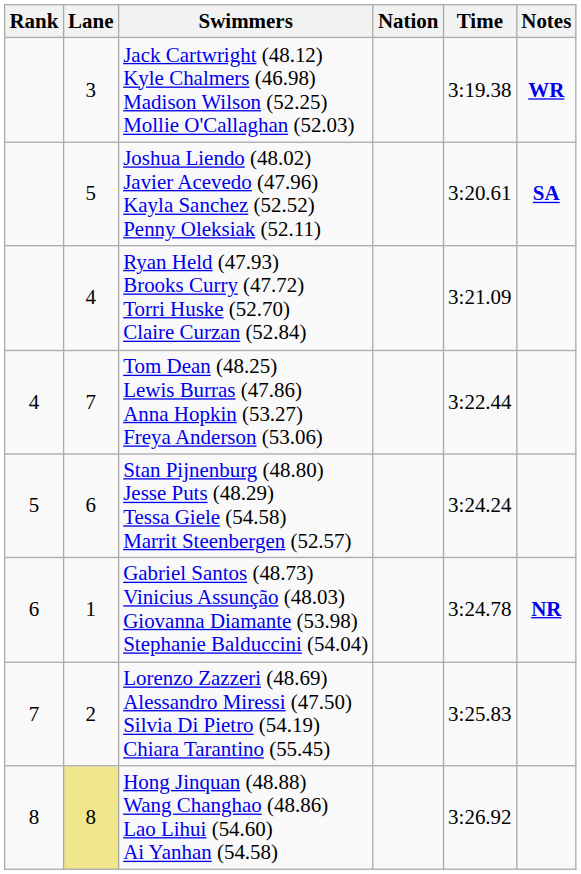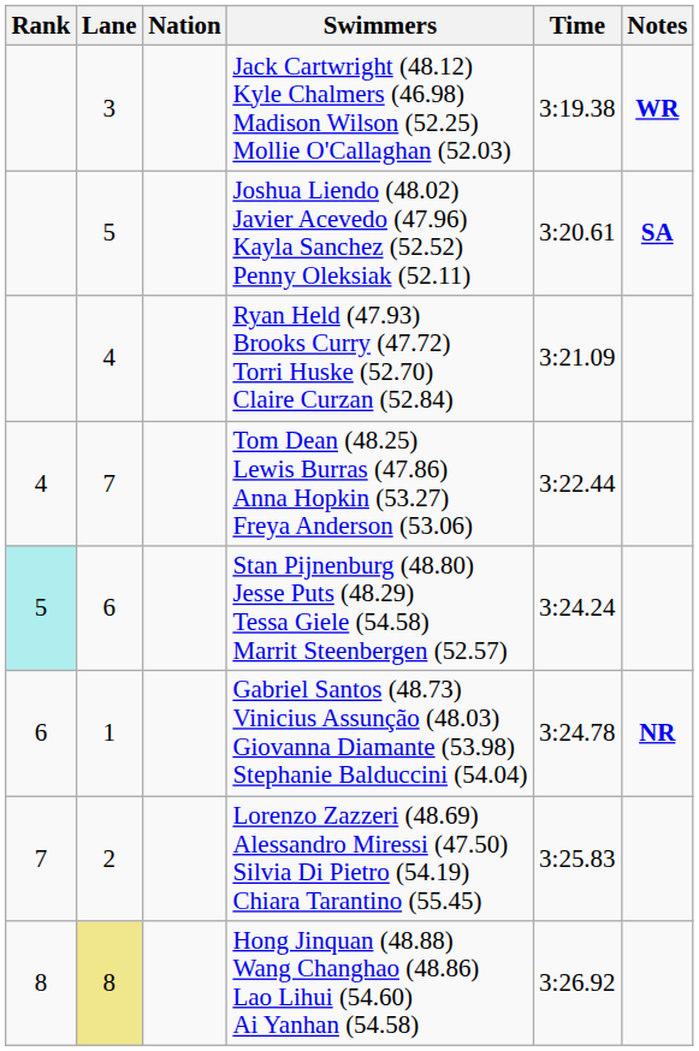 <table class="wikitable sortable" style="text-align:center">
 <tr>
 <th>Rank</th>
 <th>Lane</th>
+<th>Nation</th>
 <th>Swimmers</th>
-<th>Nation</th>
 <th>Time</th>
 <th>Notes</th>
 </tr>
 <tr>
 <td></td>
 <td>3</td>
+<td align=left></td>
 <td align=left><a href='#'>Jack Cartwright</a> (48.12)<br><a href='#'>Kyle Chalmers</a> (46.98)<br><a href='#'>Madison Wilson</a> (52.25)<br><a href='#'>Mollie O'Callaghan</a> (52.03)</td>
-<td align=left></td>
 <td>3:19.38</td>
 <td><strong><a href='#'>WR</a></strong></td>
 </tr>
 <tr>
 <td></td>
 <td>5</td>
+<td align=left></td>
 <td align=left><a href='#'>Joshua Liendo</a> (48.02)<br><a href='#'>Javier Acevedo</a> (47.96)<br><a href='#'>Kayla Sanchez</a> (52.52)<br><a href='#'>Penny Oleksiak</a> (52.11)</td>
-<td align=left></td>
 <td>3:20.61</td>
 <td><strong><a href='#'>SA</a></strong></td>
 </tr>
 <tr>
 <td></td>
 <td>4</td>
+<td align=left></td>
 <td align=left><a href='#'>Ryan Held</a> (47.93)<br><a href='#'>Brooks Curry</a> (47.72)<br><a href='#'>Torri Huske</a> (52.70)<br><a href='#'>Claire Curzan</a> (52.84)</td>
-<td align=left></td>
 <td>3:21.09</td>
 <td></td>
 </tr>
 <tr>
 <td>4</td>
 <td>7</td>
+<td align=left></td>
 <td align=left><a href='#'>Tom Dean</a> (48.25)<br><a href='#'>Lewis Burras</a> (47.86)<br><a href='#'>Anna Hopkin</a> (53.27)<br><a href='#'>Freya Anderson</a> (53.06)</td>
-<td align=left></td>
 <td>3:22.44</td>
 <td></td>
 </tr>
 <tr>
-<td>5</td>
+<td style="background: paleturquoise;">5</td>
 <td>6</td>
+<td align=left></td>
 <td align=left><a href='#'>Stan Pijnenburg</a> (48.80)<br><a href='#'>Jesse Puts</a> (48.29)<br><a href='#'>Tessa Giele</a> (54.58)<br><a href='#'>Marrit Steenbergen</a> (52.57)</td>
-<td align=left></td>
 <td>3:24.24</td>
 <td></td>
 </tr>
 <tr>
 <td>6</td>
 <td>1</td>
+<td align=left></td>
 <td align=left><a href='#'>Gabriel Santos</a> (48.73)<br><a href='#'>Vinicius Assunção</a> (48.03)<br><a href='#'>Giovanna Diamante</a> (53.98)<br><a href='#'>Stephanie Balduccini</a> (54.04)</td>
-<td align=left></td>
 <td>3:24.78</td>
 <td><strong><a href='#'>NR</a></strong></td>
 </tr>
 <tr>
 <td>7</td>
 <td>2</td>
+<td align=left></td>
 <td align=left><a href='#'>Lorenzo Zazzeri</a> (48.69)<br><a href='#'>Alessandro Miressi</a> (47.50)<br><a href='#'>Silvia Di Pietro</a> (54.19)<br><a href='#'>Chiara Tarantino</a> (55.45)</td>
-<td align=left></td>
 <td>3:25.83</td>
 <td></td>
 </tr>
 <tr>
 <td>8</td>
 <td style="background: khaki;">8</td>
+<td align=left></td>
 <td align=left><a href='#'>Hong Jinquan</a> (48.88)<br><a href='#'>Wang Changhao</a> (48.86)<br><a href='#'>Lao Lihui</a> (54.60)<br><a href='#'>Ai Yanhan</a> (54.58)</td>
-<td align=left></td>
 <td>3:26.92</td>
 <td></td>
 </tr>
 </table>
